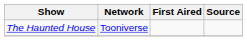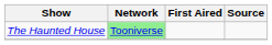 <table class="wikitable sortable">
 <tr>
 <th scope="col">Show</th>
 <th scope="col">Network</th>
 <th scope="col">First Aired</th>
 <th class="unsortable" scope="col">Source</th>
 </tr>
 <tr>
 <td><em><a href='#'>The Haunted House</a></em></td>
-<td><a href='#'>Tooniverse</a></td>
+<td style="background: lightgreen;"><a href='#'>Tooniverse</a></td>
 <td></td>
 <td></td>
 </tr>
 <tr>
 </tr>
 </table>
